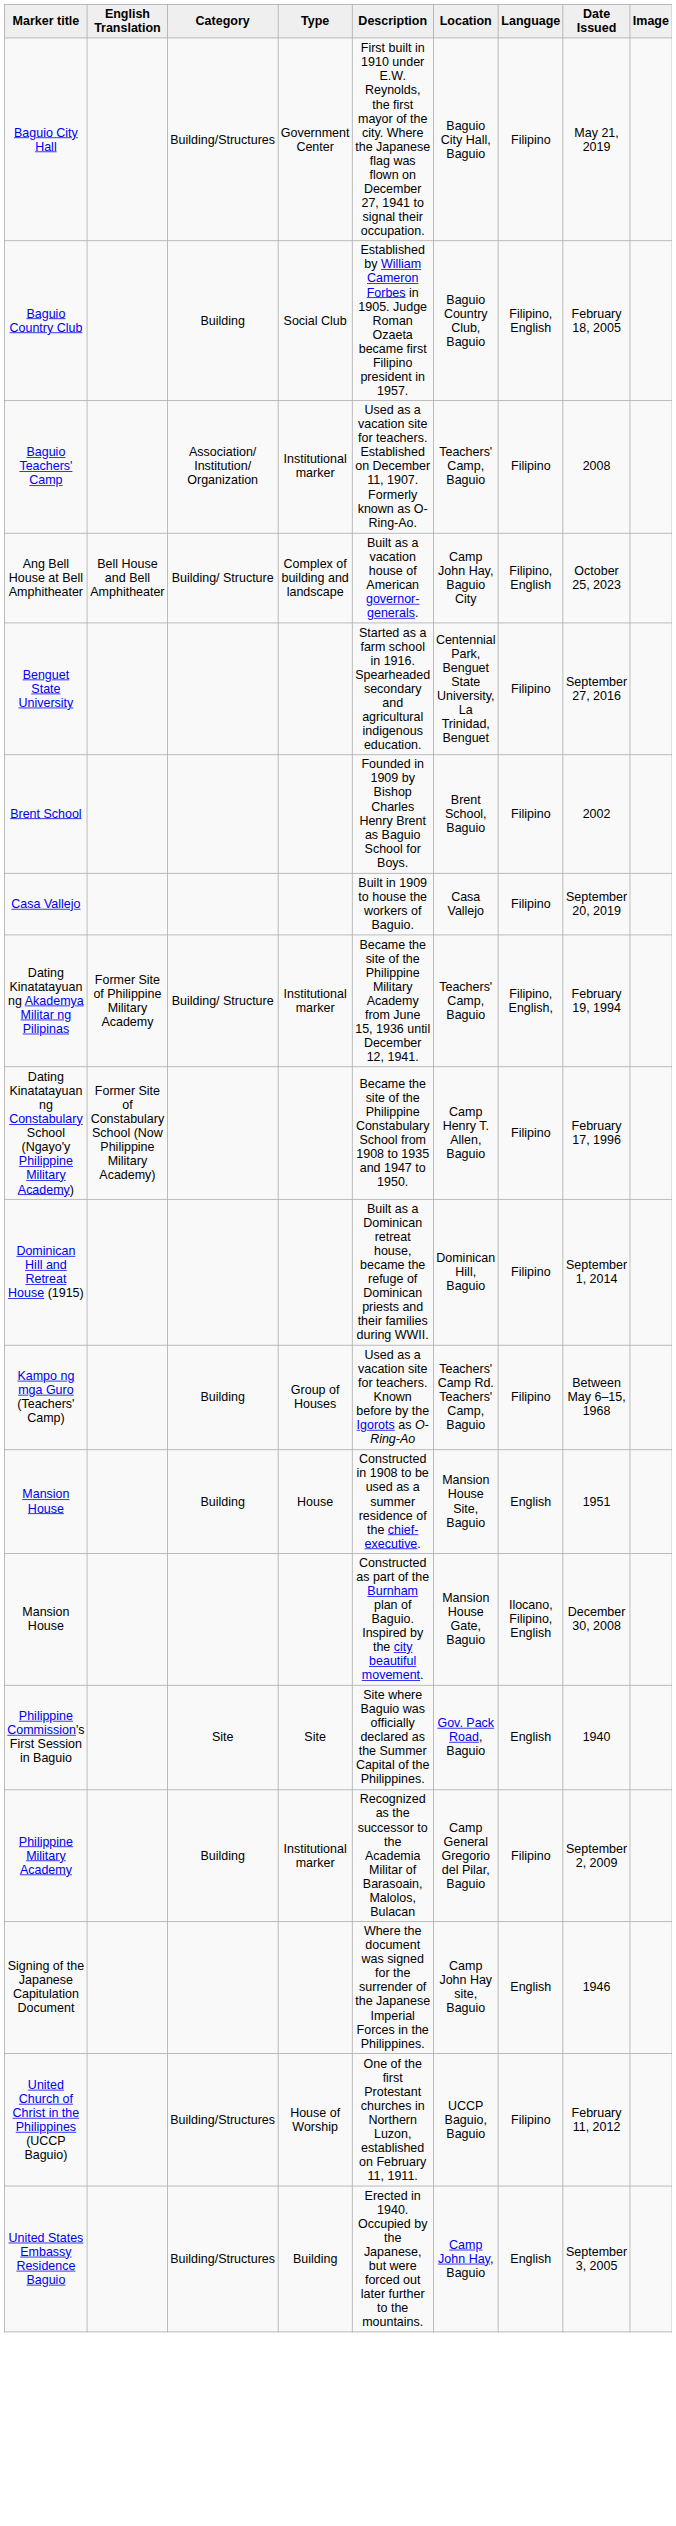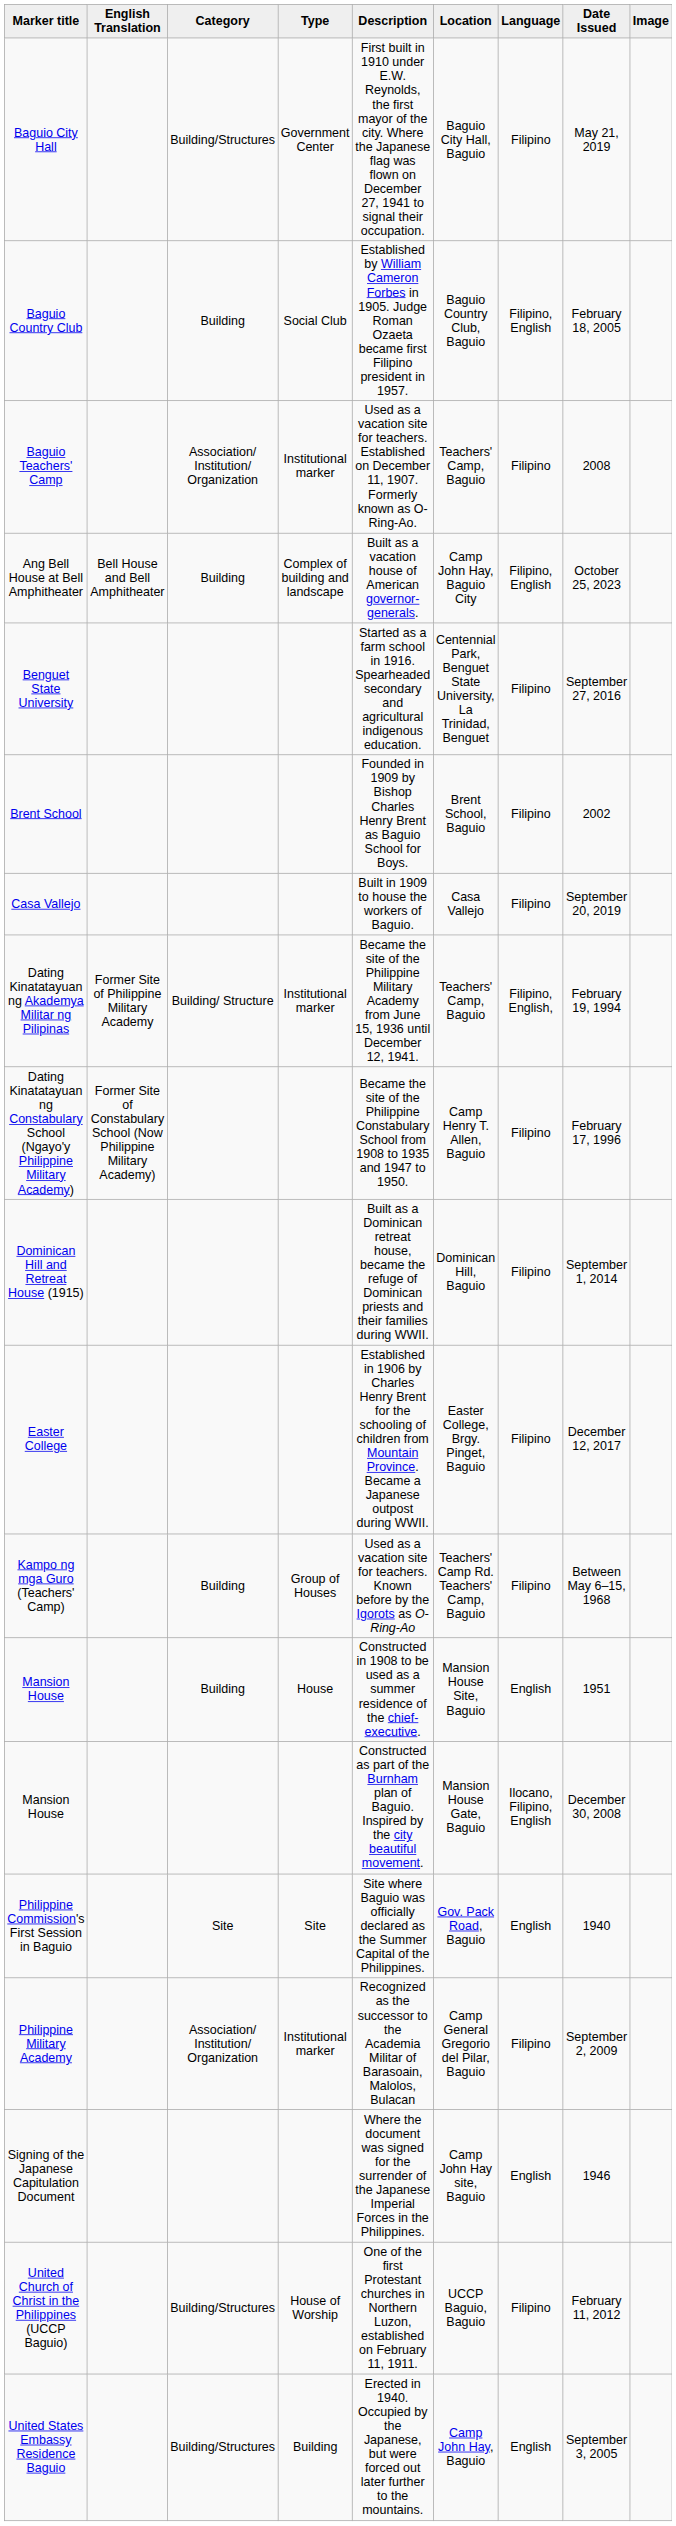 <table class="wikitable" style="width:90%; text-align:center;">
 <tr>
 <th style="width:20%; background:#efefef;">Marker title</th>
 <th style="width:20%; background:#efefef;">English Translation</th>
 <th style="width:10%; background:#efefef;">Category</th>
 <th style="width:10%; background:#efefef;">Type</th>
 <th style="width:20%; background:#efefef;">Description</th>
 <th style="width:20%; background:#efefef;">Location</th>
 <th style="width:10%; background:#efefef;">Language</th>
 <th style="width:10%; background:#efefef;">Date Issued</th>
 <th style="width:10%; background:#efefef;">Image</th>
 </tr>
 <tr>
 <td><a href='#'>Baguio City Hall</a></td>
 <td></td>
 <td>Building/Structures</td>
 <td>Government Center</td>
 <td>First built in 1910 under E.W. Reynolds, the first mayor of the city. Where the Japanese flag was flown on December 27, 1941 to signal their occupation.</td>
 <td>Baguio City Hall, Baguio</td>
 <td>Filipino</td>
 <td>May 21, 2019</td>
 <td></td>
 </tr>
 <tr>
 <td><a href='#'>Baguio Country Club</a></td>
 <td></td>
 <td>Building</td>
 <td>Social Club</td>
 <td>Established by <a href='#'>William Cameron Forbes</a> in 1905. Judge Roman Ozaeta became first Filipino president in 1957.</td>
 <td>Baguio Country Club, Baguio</td>
 <td>Filipino, English</td>
 <td>February 18, 2005</td>
 <td> </td>
 </tr>
 <tr>
 <td><a href='#'>Baguio Teachers' Camp</a></td>
 <td></td>
 <td>Association/<br>Institution/ Organization</td>
 <td>Institutional marker</td>
 <td>Used as a vacation site for teachers. Established on December 11, 1907. Formerly known as O-Ring-Ao.</td>
 <td>Teachers' Camp, Baguio</td>
 <td>Filipino</td>
 <td>2008</td>
 <td></td>
 </tr>
 <tr>
 <td>Ang Bell House at Bell Amphitheater</td>
 <td>Bell House and Bell Amphitheater</td>
-<td>Building/ Structure</td>
+<td>Building</td>
 <td>Complex of building and landscape</td>
 <td>Built as a vacation house of American <a href='#'>governor-generals</a>.</td>
 <td>Camp John Hay, Baguio City</td>
 <td>Filipino, English</td>
 <td>October 25, 2023</td>
 <td> </td>
 </tr>
 <tr>
 <td><a href='#'>Benguet State University</a></td>
 <td></td>
 <td></td>
 <td></td>
 <td>Started as a farm school in 1916. Spearheaded secondary and agricultural indigenous education.</td>
 <td>Centennial Park, Benguet State University, La Trinidad, Benguet</td>
 <td>Filipino</td>
 <td>September 27, 2016</td>
 <td></td>
 </tr>
 <tr>
 <td><a href='#'>Brent School</a></td>
 <td></td>
 <td></td>
 <td></td>
 <td>Founded in 1909 by Bishop Charles Henry Brent as Baguio School for Boys.</td>
 <td>Brent School, Baguio</td>
 <td>Filipino</td>
 <td>2002</td>
 <td></td>
 </tr>
 <tr>
 <td><a href='#'>Casa Vallejo</a></td>
 <td></td>
 <td></td>
 <td></td>
 <td>Built in 1909 to house the workers of Baguio.</td>
 <td>Casa Vallejo</td>
 <td>Filipino</td>
 <td>September 20, 2019</td>
 <td></td>
 </tr>
 <tr>
 <td>Dating Kinatatayuan ng <a href='#'>Akademya Militar ng Pilipinas</a></td>
 <td>Former Site of Philippine Military Academy</td>
 <td>Building/ Structure</td>
 <td>Institutional marker</td>
 <td>Became the site of the Philippine Military Academy from June 15, 1936 until December 12, 1941.</td>
 <td>Teachers' Camp, Baguio</td>
 <td>Filipino, English,</td>
 <td>February 19, 1994</td>
 <td></td>
 </tr>
 <tr>
 <td>Dating Kinatatayuan ng <a href='#'>Constabulary</a> School (Ngayo'y <a href='#'>Philippine Military Academy</a>)</td>
 <td>Former Site of Constabulary School (Now Philippine Military Academy)</td>
 <td></td>
 <td></td>
 <td>Became the site of the Philippine Constabulary School from 1908 to 1935 and 1947 to 1950.</td>
 <td>Camp Henry T. Allen, Baguio</td>
 <td>Filipino</td>
 <td>February 17, 1996</td>
 <td></td>
 </tr>
 <tr>
 <td><a href='#'>Dominican Hill and Retreat House</a> (1915)</td>
 <td></td>
 <td></td>
 <td></td>
 <td>Built as a Dominican retreat house, became the refuge of Dominican priests and their families during WWII.</td>
 <td>Dominican Hill, Baguio</td>
 <td>Filipino</td>
 <td>September 1, 2014</td>
 <td></td>
 </tr>
 <tr>
+<td><a href='#'>Easter College</a></td>
+<td></td>
+<td></td>
+<td></td>
+<td>Established in 1906 by Charles Henry Brent for the schooling of children from <a href='#'>Mountain Province</a>. Became a Japanese outpost during WWII.</td>
+<td>Easter College, Brgy. Pinget, Baguio</td>
+<td>Filipino</td>
+<td>December 12, 2017</td>
+<td></td>
+</tr>
+<tr>
 <td><a href='#'>Kampo ng mga Guro</a> (Teachers' Camp)</td>
 <td></td>
 <td>Building</td>
 <td>Group of Houses</td>
 <td>Used as a vacation site for teachers. Known before by the <a href='#'>Igorots</a> as <em>O-Ring-Ao</em></td>
 <td>Teachers' Camp Rd. Teachers' Camp, Baguio</td>
 <td>Filipino</td>
 <td>Between May 6–15, 1968</td>
 <td></td>
 </tr>
 <tr>
 <td><a href='#'>Mansion House</a></td>
 <td></td>
 <td>Building</td>
 <td>House</td>
 <td>Constructed in 1908 to be used as a summer residence of the <a href='#'>chief-executive</a>.</td>
 <td>Mansion House Site, Baguio</td>
 <td>English</td>
 <td>1951</td>
 <td></td>
 </tr>
 <tr>
 <td>Mansion House</td>
 <td></td>
 <td></td>
 <td></td>
 <td>Constructed as part of the <a href='#'>Burnham</a> plan of Baguio. Inspired by the <a href='#'>city beautiful movement</a>.</td>
 <td>Mansion House Gate, Baguio</td>
 <td>Ilocano, Filipino, English</td>
 <td>December 30, 2008</td>
 <td></td>
 </tr>
 <tr>
 <td><a href='#'>Philippine Commission</a>'s First Session in Baguio</td>
 <td></td>
 <td>Site</td>
 <td>Site</td>
 <td>Site where Baguio was officially declared as the Summer Capital of the Philippines.</td>
 <td><a href='#'>Gov. Pack Road</a>, Baguio</td>
 <td>English</td>
 <td>1940</td>
 <td></td>
 </tr>
 <tr>
 <td><a href='#'>Philippine Military Academy</a></td>
 <td></td>
-<td>Building</td>
+<td>Association/<br>Institution/ Organization</td>
 <td>Institutional marker</td>
 <td>Recognized as the successor to the Academia Militar of Barasoain, Malolos, Bulacan</td>
 <td>Camp General Gregorio del Pilar, Baguio</td>
 <td>Filipino</td>
 <td>September 2, 2009</td>
 <td></td>
 </tr>
 <tr>
 <td>Signing of the Japanese Capitulation Document</td>
 <td></td>
 <td></td>
 <td></td>
 <td>Where the document was signed for the surrender of the Japanese Imperial Forces in the Philippines.</td>
 <td>Camp John Hay site, Baguio</td>
 <td>English</td>
 <td>1946</td>
 <td></td>
 </tr>
 <tr>
 <td><a href='#'>United Church of Christ in the Philippines</a> (UCCP Baguio)</td>
 <td></td>
 <td>Building/Structures</td>
 <td>House of Worship</td>
 <td>One of the first Protestant churches in Northern Luzon, established on February 11, 1911.</td>
 <td>UCCP Baguio, Baguio</td>
 <td>Filipino</td>
 <td>February 11, 2012</td>
 <td></td>
 </tr>
 <tr>
 <td><a href='#'>United States Embassy Residence Baguio</a></td>
 <td></td>
 <td>Building/Structures</td>
 <td>Building</td>
 <td>Erected in 1940. Occupied by the Japanese, but were forced out later further to the mountains.</td>
 <td><a href='#'>Camp John Hay</a>, Baguio</td>
 <td>English</td>
 <td>September 3, 2005</td>
 <td></td>
 </tr>
 </table>
